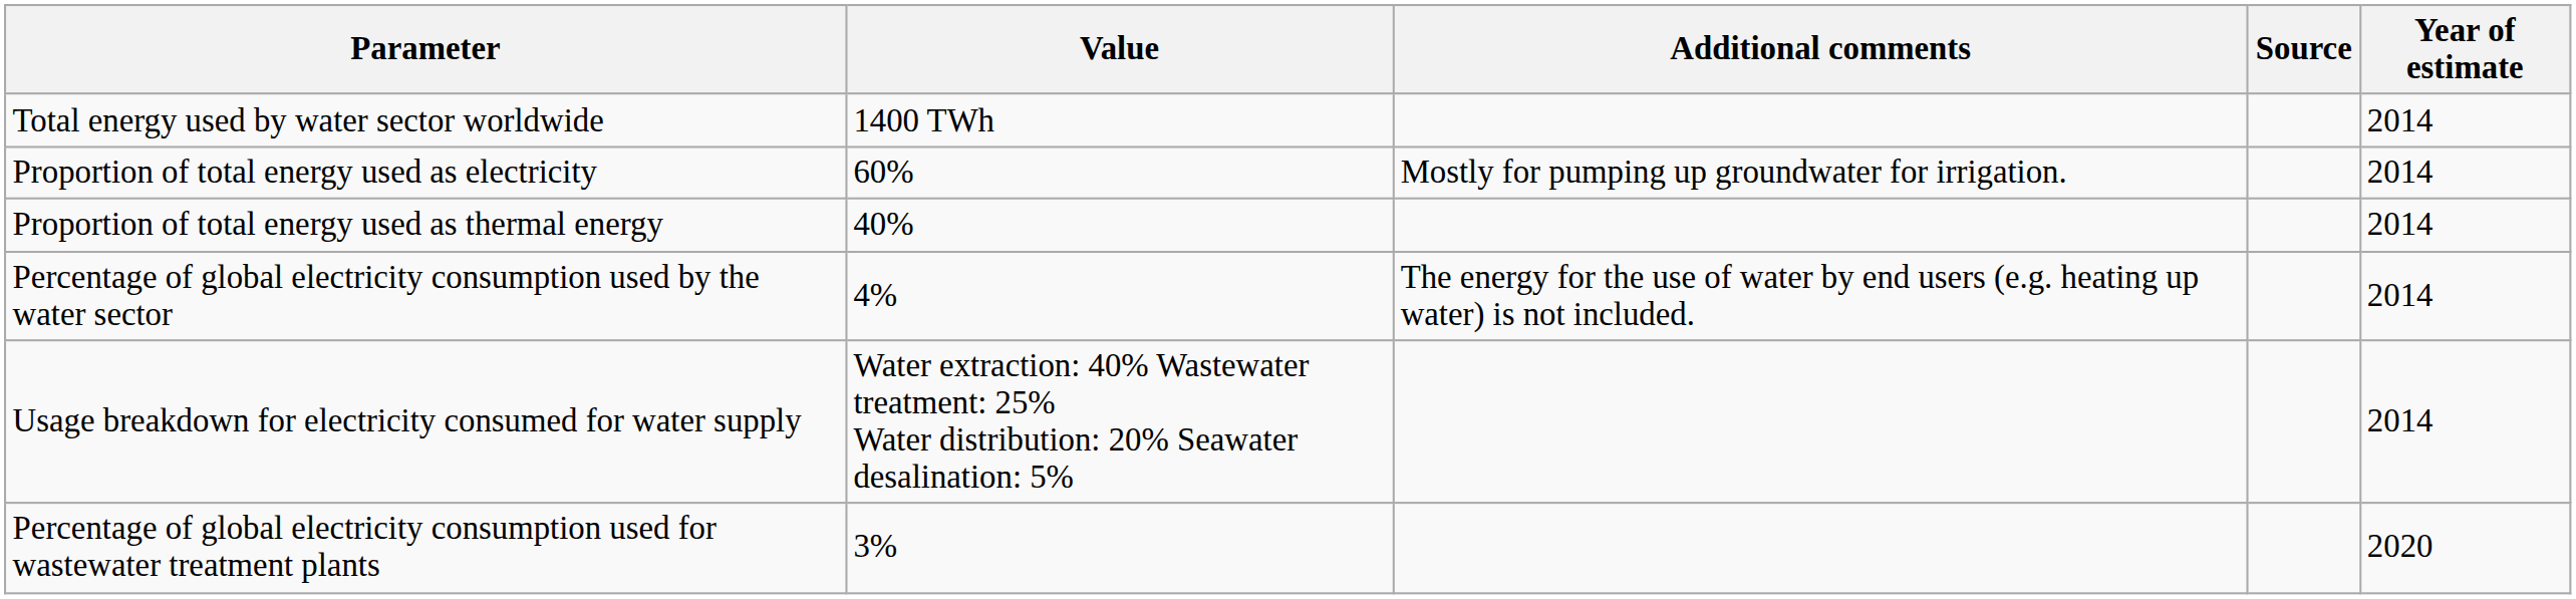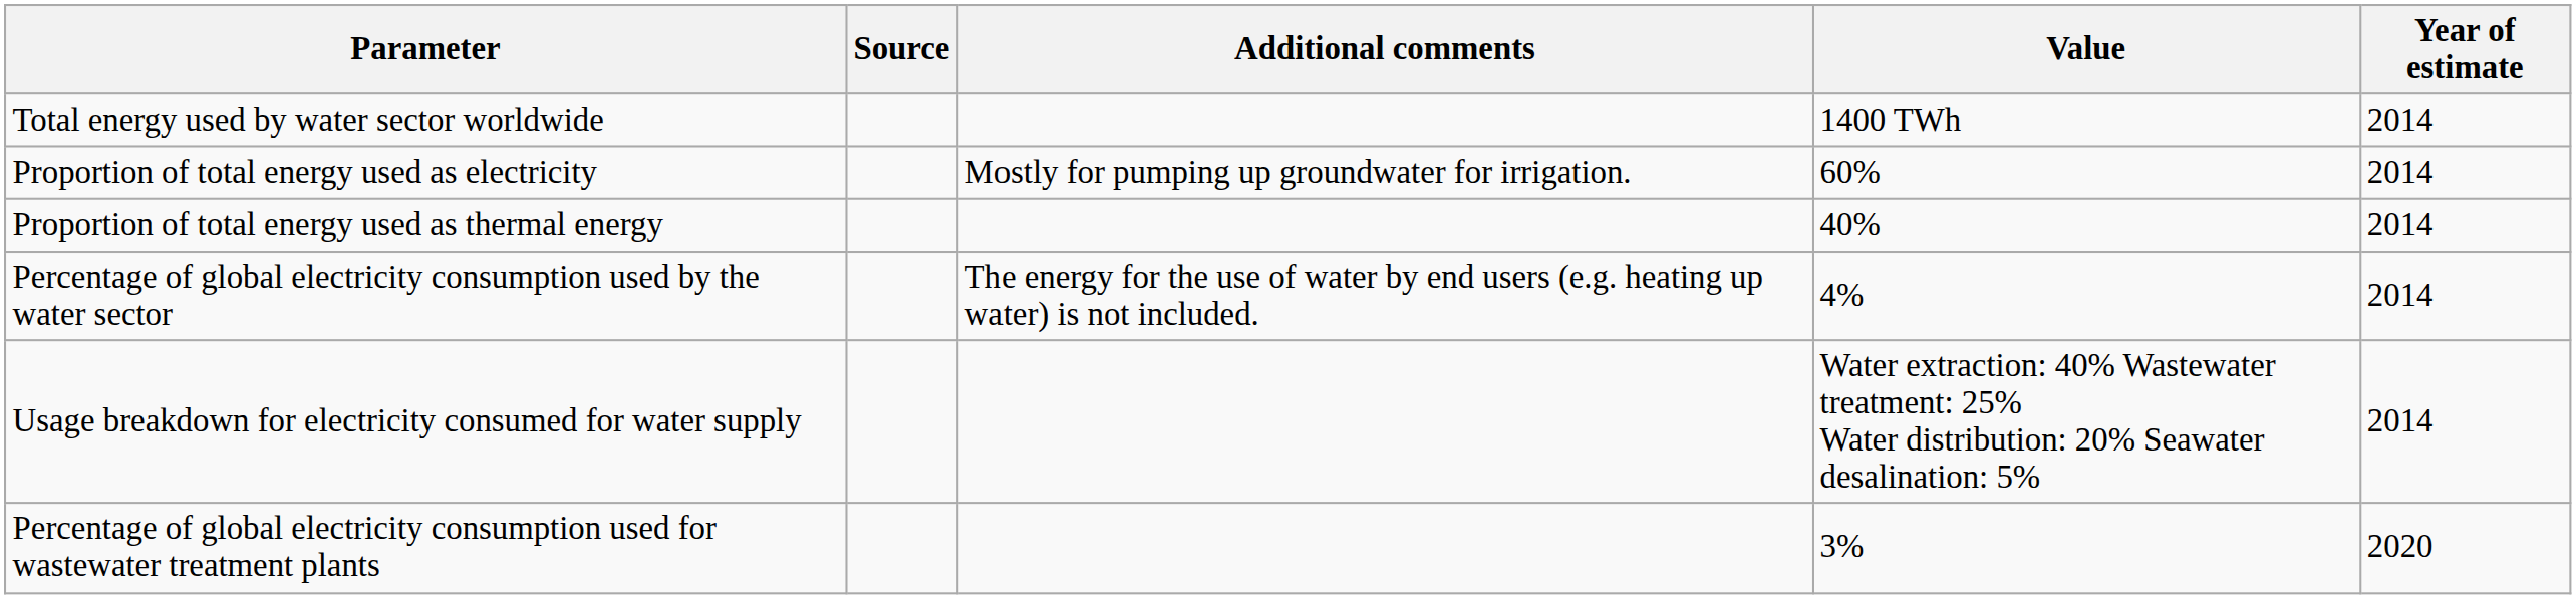 <table class="wikitable">
 <tr>
 <th>Parameter</th>
+<th>Source</th>
+<th>Additional comments</th>
 <th>Value</th>
-<th>Additional comments</th>
-<th>Source</th>
 <th>Year of estimate</th>
 </tr>
 <tr>
 <td>Total energy used by water sector worldwide</td>
-<td>1400 TWh</td>
 <td></td>
 <td></td>
+<td>1400 TWh</td>
 <td>2014</td>
 </tr>
 <tr>
 <td>Proportion of total energy used as electricity</td>
+<td></td>
+<td>Mostly for pumping up groundwater for irrigation.</td>
 <td>60%</td>
-<td>Mostly for pumping up groundwater for irrigation.</td>
-<td></td>
 <td>2014</td>
 </tr>
 <tr>
 <td>Proportion of total energy used as thermal energy</td>
-<td>40%</td>
 <td></td>
 <td></td>
+<td>40%</td>
 <td>2014</td>
 </tr>
 <tr>
 <td>Percentage of global electricity consumption used by the water sector</td>
+<td></td>
+<td>The energy for the use of water by end users (e.g. heating up water) is not included.</td>
 <td>4%</td>
-<td>The energy for the use of water by end users (e.g. heating up water) is not included.</td>
-<td></td>
 <td>2014</td>
 </tr>
 <tr>
 <td>Usage breakdown for electricity consumed for water supply</td>
-<td>Water extraction: 40% Wastewater treatment: 25%<br>Water distribution: 20% Seawater desalination: 5%</td>
 <td></td>
 <td></td>
+<td>Water extraction: 40% Wastewater treatment: 25%<br>Water distribution: 20% Seawater desalination: 5%</td>
 <td>2014</td>
 </tr>
 <tr>
 <td>Percentage of global electricity consumption used for wastewater treatment plants</td>
-<td>3%</td>
 <td></td>
 <td></td>
+<td>3%</td>
 <td>2020</td>
 </tr>
 </table>
